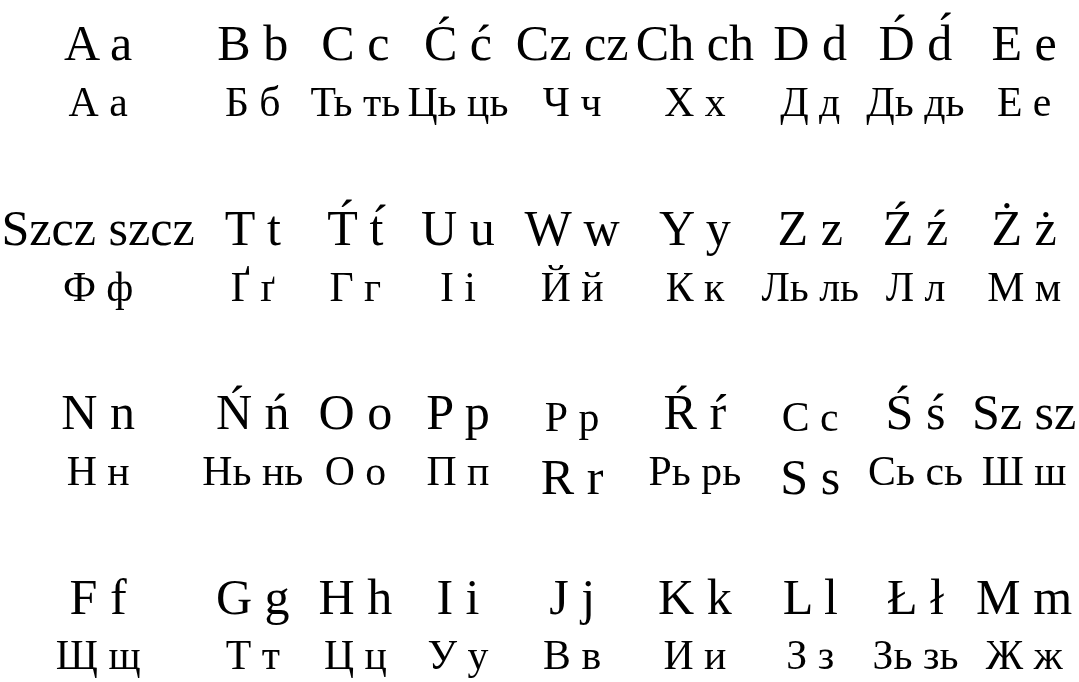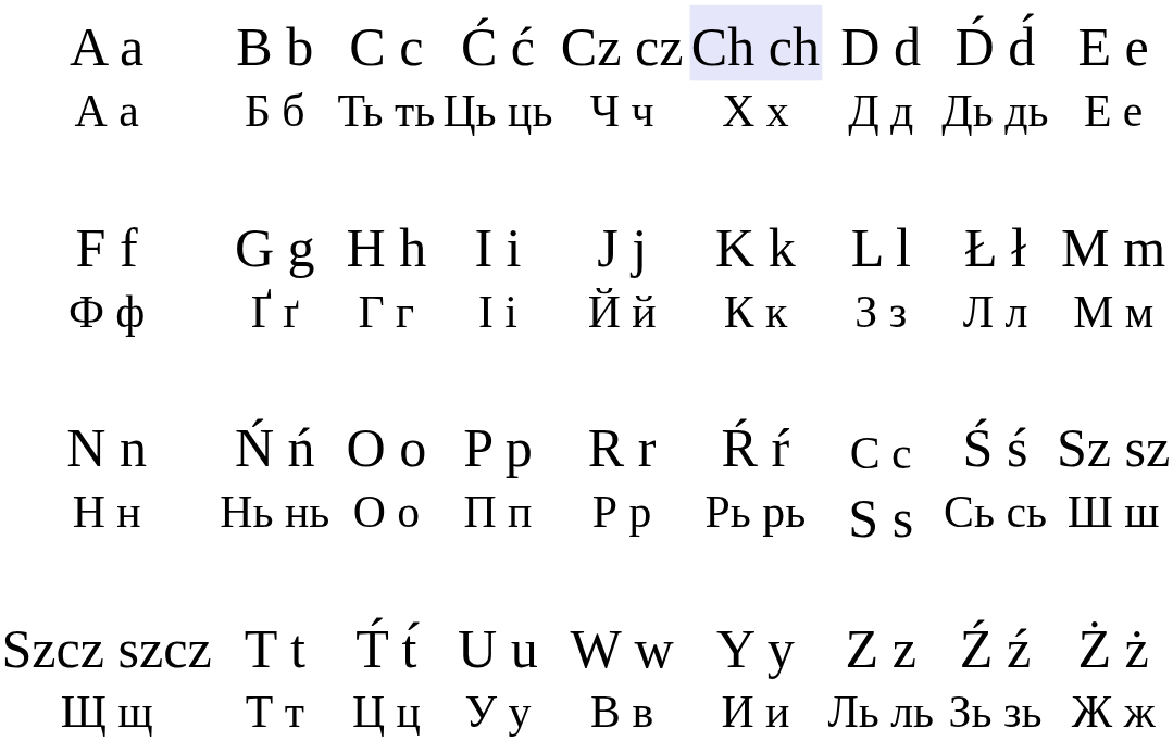 <table border="0" style="text-align: center; width: 100%;">
 <tr>
 <td colspan=9 style="text-align:center; height:1em"> </td>
 </tr>
 <tr align="center" style="height:2.5em; vertical-align:bottom">
 <td style="text-align: center; font-size: 1.8em; font-family: serif">A a</td>
 <td style="text-align: center; font-size: 1.8em; font-family: serif">B b</td>
 <td style="text-align: center; font-size: 1.8em; font-family: serif">C c</td>
 <td style="text-align: center; font-size: 1.8em; font-family: serif">Ć ć</td>
 <td style="text-align: center; font-size: 1.8em; font-family: serif">Cz cz</td>
-<td style="text-align: center; font-size: 1.8em; font-family: serif">Ch ch</td>
+<td style="background: lavender; text-align: center; font-size: 1.8em; font-family: serif">Ch ch</td>
 <td style="text-align: center; font-size: 1.8em; font-family: serif">D d</td>
 <td style="text-align: center; font-size: 1.8em; font-family: serif">D́ d́</td>
 <td style="text-align: center; font-size: 1.8em; font-family: serif">E e</td>
 </tr>
 <tr align="center" style="height:2.5em; vertical-align:top">
 <td style="text-align: center; font-size: 1.5em; font-family: serif">А а</td>
 <td style="text-align: center; font-size: 1.5em; font-family: serif">Б б</td>
 <td style="text-align: center; font-size: 1.5em; font-family: serif">Ть ть</td>
 <td style="text-align: center; font-size: 1.5em; font-family: serif">Ць ць</td>
 <td style="text-align: center; font-size: 1.5em; font-family: serif">Ч ч</td>
 <td style="text-align: center; font-size: 1.5em; font-family: serif">Х х</td>
 <td style="text-align: center; font-size: 1.5em; font-family: serif">Д д</td>
 <td style="text-align: center; font-size: 1.5em; font-family: serif">Дь дь</td>
 <td style="text-align: center; font-size: 1.5em; font-family: serif">Е е</td>
 </tr>
 <tr>
 <td colspan=9 style="text-align:center; height:1em"> </td>
 </tr>
 <tr align="center" style="height:2.5em; vertical-align:bottom">
+<td style="text-align: center; font-size: 1.8em; font-family: serif">F f</td>
+<td style="text-align: center; font-size: 1.8em; font-family: serif">G g</td>
+<td style="text-align: center; font-size: 1.8em; font-family: serif">H h</td>
+<td style="text-align: center; font-size: 1.8em; font-family: serif">I i</td>
+<td style="text-align: center; font-size: 1.8em; font-family: serif">J j</td>
+<td style="text-align: center; font-size: 1.8em; font-family: serif">K k</td>
+<td style="text-align: center; font-size: 1.8em; font-family: serif">L l</td>
+<td style="text-align: center; font-size: 1.8em; font-family: serif">Ł ł</td>
+<td style="text-align: center; font-size: 1.8em; font-family: serif">M m</td>
+</tr>
+<tr align="center" style="height:2.5em; vertical-align:top">
+<td style="text-align: center; font-size: 1.5em; font-family: serif">Ф ф</td>
+<td style="text-align: center; font-size: 1.5em; font-family: serif">Ґ ґ</td>
+<td style="text-align: center; font-size: 1.5em; font-family: serif">Г г</td>
+<td style="text-align: center; font-size: 1.5em; font-family: serif">І і</td>
+<td style="text-align: center; font-size: 1.5em; font-family: serif">Й й</td>
+<td style="text-align: center; font-size: 1.5em; font-family: serif">К к</td>
+<td style="text-align: center; font-size: 1.5em; font-family: serif">З з</td>
+<td style="text-align: center; font-size: 1.5em; font-family: serif">Л л</td>
+<td style="text-align: center; font-size: 1.5em; font-family: serif">М м</td>
+</tr>
+<tr>
+<td colspan=9 style="text-align:center; height:1em"> </td>
+</tr>
+<tr align="center" style="height:2.5em; vertical-align:bottom">
+<td style="text-align: center; font-size: 1.8em; font-family: serif">N n</td>
+<td style="text-align: center; font-size: 1.8em; font-family: serif">Ń ń</td>
+<td style="text-align: center; font-size: 1.8em; font-family: serif">O o</td>
+<td style="text-align: center; font-size: 1.8em; font-family: serif">P p</td>
+<td style="text-align: center; font-size: 1.8em; font-family: serif">R r</td>
+<td style="text-align: center; font-size: 1.8em; font-family: serif">Ŕ ŕ</td>
+<td style="text-align: center; font-size: 1.5em; font-family: serif">С с</td>
+<td style="text-align: center; font-size: 1.8em; font-family: serif">Ś ś</td>
+<td style="text-align: center; font-size: 1.8em; font-family: serif">Sz sz</td>
+</tr>
+<tr align="center" style="height:2.5em; vertical-align:top">
+<td style="text-align: center; font-size: 1.5em; font-family: serif">Н н</td>
+<td style="text-align: center; font-size: 1.5em; font-family: serif">Нь нь</td>
+<td style="text-align: center; font-size: 1.5em; font-family: serif">О о</td>
+<td style="text-align: center; font-size: 1.5em; font-family: serif">П п</td>
+<td style="text-align: center; font-size: 1.5em; font-family: serif">Р р</td>
+<td style="text-align: center; font-size: 1.5em; font-family: serif">Рь рь</td>
+<td style="text-align: center; font-size: 1.8em; font-family: serif">S s</td>
+<td style="text-align: center; font-size: 1.5em; font-family: serif">Сь сь</td>
+<td style="text-align: center; font-size: 1.5em; font-family: serif">Ш ш</td>
+</tr>
+<tr>
+<td colspan=9 style="text-align:center; height:1em"> </td>
+</tr>
+<tr align="center" style="height:2.5em; vertical-align:bottom">
 <td style="text-align: center; font-size: 1.8em; font-family: serif">Szcz szcz</td>
 <td style="text-align: center; font-size: 1.8em; font-family: serif">T t</td>
 <td style="text-align: center; font-size: 1.8em; font-family: serif">T́ t́</td>
 <td style="text-align: center; font-size: 1.8em; font-family: serif">U u</td>
 <td style="text-align: center; font-size: 1.8em; font-family: serif">W w</td>
 <td style="text-align: center; font-size: 1.8em; font-family: serif">Y y</td>
 <td style="text-align: center; font-size: 1.8em; font-family: serif">Z z</td>
 <td style="text-align: center; font-size: 1.8em; font-family: serif">Ź ź</td>
 <td style="text-align: center; font-size: 1.8em; font-family: serif">Ż ż</td>
 </tr>
 <tr align="center" style="height:2.5em; vertical-align:top">
-<td style="text-align: center; font-size: 1.5em; font-family: serif">Ф ф</td>
-<td style="text-align: center; font-size: 1.5em; font-family: serif">Ґ ґ</td>
-<td style="text-align: center; font-size: 1.5em; font-family: serif">Г г</td>
-<td style="text-align: center; font-size: 1.5em; font-family: serif">І і</td>
-<td style="text-align: center; font-size: 1.5em; font-family: serif">Й й</td>
-<td style="text-align: center; font-size: 1.5em; font-family: serif">К к</td>
-<td style="text-align: center; font-size: 1.5em; font-family: serif">Ль ль</td>
-<td style="text-align: center; font-size: 1.5em; font-family: serif">Л л</td>
-<td style="text-align: center; font-size: 1.5em; font-family: serif">М м</td>
-</tr>
-<tr>
-<td colspan=9 style="text-align:center; height:1em"> </td>
-</tr>
-<tr align="center" style="height:2.5em; vertical-align:bottom">
-<td style="text-align: center; font-size: 1.8em; font-family: serif">N n</td>
-<td style="text-align: center; font-size: 1.8em; font-family: serif">Ń ń</td>
-<td style="text-align: center; font-size: 1.8em; font-family: serif">O o</td>
-<td style="text-align: center; font-size: 1.8em; font-family: serif">P p</td>
-<td style="text-align: center; font-size: 1.5em; font-family: serif">Р р</td>
-<td style="text-align: center; font-size: 1.8em; font-family: serif">Ŕ ŕ</td>
-<td style="text-align: center; font-size: 1.5em; font-family: serif">С с</td>
-<td style="text-align: center; font-size: 1.8em; font-family: serif">Ś ś</td>
-<td style="text-align: center; font-size: 1.8em; font-family: serif">Sz sz</td>
-</tr>
-<tr align="center" style="height:2.5em; vertical-align:top">
-<td style="text-align: center; font-size: 1.5em; font-family: serif">Н н</td>
-<td style="text-align: center; font-size: 1.5em; font-family: serif">Нь нь</td>
-<td style="text-align: center; font-size: 1.5em; font-family: serif">О о</td>
-<td style="text-align: center; font-size: 1.5em; font-family: serif">П п</td>
-<td style="text-align: center; font-size: 1.8em; font-family: serif">R r</td>
-<td style="text-align: center; font-size: 1.5em; font-family: serif">Рь рь</td>
-<td style="text-align: center; font-size: 1.8em; font-family: serif">S s</td>
-<td style="text-align: center; font-size: 1.5em; font-family: serif">Сь сь</td>
-<td style="text-align: center; font-size: 1.5em; font-family: serif">Ш ш</td>
-</tr>
-<tr>
-<td colspan=9 style="text-align:center; height:1em"> </td>
-</tr>
-<tr align="center" style="height:2.5em; vertical-align:bottom">
-<td style="text-align: center; font-size: 1.8em; font-family: serif">F f</td>
-<td style="text-align: center; font-size: 1.8em; font-family: serif">G g</td>
-<td style="text-align: center; font-size: 1.8em; font-family: serif">H h</td>
-<td style="text-align: center; font-size: 1.8em; font-family: serif">I i</td>
-<td style="text-align: center; font-size: 1.8em; font-family: serif">J j</td>
-<td style="text-align: center; font-size: 1.8em; font-family: serif">K k</td>
-<td style="text-align: center; font-size: 1.8em; font-family: serif">L l</td>
-<td style="text-align: center; font-size: 1.8em; font-family: serif">Ł ł</td>
-<td style="text-align: center; font-size: 1.8em; font-family: serif">M m</td>
-</tr>
-<tr align="center" style="height:2.5em; vertical-align:top">
 <td style="text-align: center; font-size: 1.5em; font-family: serif">Щ щ</td>
 <td style="text-align: center; font-size: 1.5em; font-family: serif">Т т</td>
 <td style="text-align: center; font-size: 1.5em; font-family: serif">Ц ц</td>
 <td style="text-align: center; font-size: 1.5em; font-family: serif">У у</td>
 <td style="text-align: center; font-size: 1.5em; font-family: serif">В в</td>
 <td style="text-align: center; font-size: 1.5em; font-family: serif">И и</td>
-<td style="text-align: center; font-size: 1.5em; font-family: serif">З з</td>
+<td style="text-align: center; font-size: 1.5em; font-family: serif">Ль ль</td>
 <td style="text-align: center; font-size: 1.5em; font-family: serif">Зь зь</td>
 <td style="text-align: center; font-size: 1.5em; font-family: serif">Ж ж</td>
 </tr>
 <tr>
 <td colspan=9 style="text-align:center; height:1em"> </td>
 </tr>
 </table>
